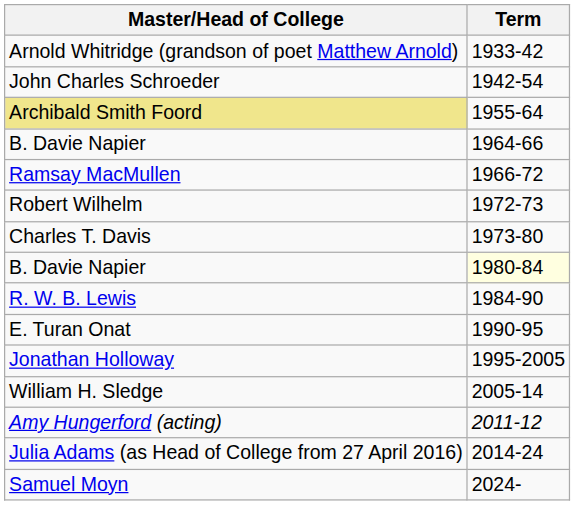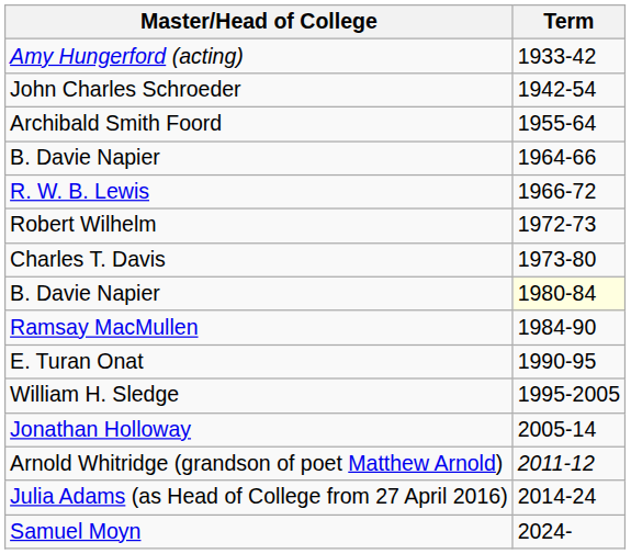 <table class="wikitable">
 <tr>
 <th>Master/Head of College</th>
 <th>Term</th>
 </tr>
 <tr>
-<td>Arnold Whitridge (grandson of poet <a href='#'>Matthew Arnold</a>)</td>
+<td><em><a href='#'>Amy Hungerford</a> (acting)</em></td>
 <td>1933-42</td>
 </tr>
 <tr>
 <td>John Charles Schroeder</td>
 <td>1942-54</td>
 </tr>
 <tr>
-<td style="background: khaki;">Archibald Smith Foord</td>
+<td>Archibald Smith Foord</td>
 <td>1955-64</td>
 </tr>
 <tr>
 <td>B. Davie Napier</td>
 <td>1964-66</td>
 </tr>
 <tr>
-<td><a href='#'>Ramsay MacMullen</a></td>
+<td><a href='#'>R. W. B. Lewis</a></td>
 <td>1966-72</td>
 </tr>
 <tr>
 <td>Robert Wilhelm</td>
 <td>1972-73</td>
 </tr>
 <tr>
 <td>Charles T. Davis</td>
 <td>1973-80</td>
 </tr>
 <tr>
 <td>B. Davie Napier</td>
 <td style="background: lightyellow;">1980-84</td>
 </tr>
 <tr>
-<td><a href='#'>R. W. B. Lewis</a></td>
+<td><a href='#'>Ramsay MacMullen</a></td>
 <td>1984-90</td>
 </tr>
 <tr>
 <td>E. Turan Onat</td>
 <td>1990-95</td>
 </tr>
 <tr>
-<td><a href='#'>Jonathan Holloway</a></td>
+<td>William H. Sledge</td>
 <td>1995-2005</td>
 </tr>
 <tr>
-<td>William H. Sledge</td>
+<td><a href='#'>Jonathan Holloway</a></td>
 <td>2005-14</td>
 </tr>
 <tr>
-<td><em><a href='#'>Amy Hungerford</a> (acting)</em></td>
+<td>Arnold Whitridge (grandson of poet <a href='#'>Matthew Arnold</a>)</td>
 <td><em>2011-12</em></td>
 </tr>
 <tr>
 <td><a href='#'>Julia Adams</a> (as Head of College from 27 April 2016)</td>
 <td>2014-24</td>
 </tr>
 <tr>
 <td><a href='#'>Samuel Moyn</a></td>
 <td>2024-</td>
 </tr>
 </table>
